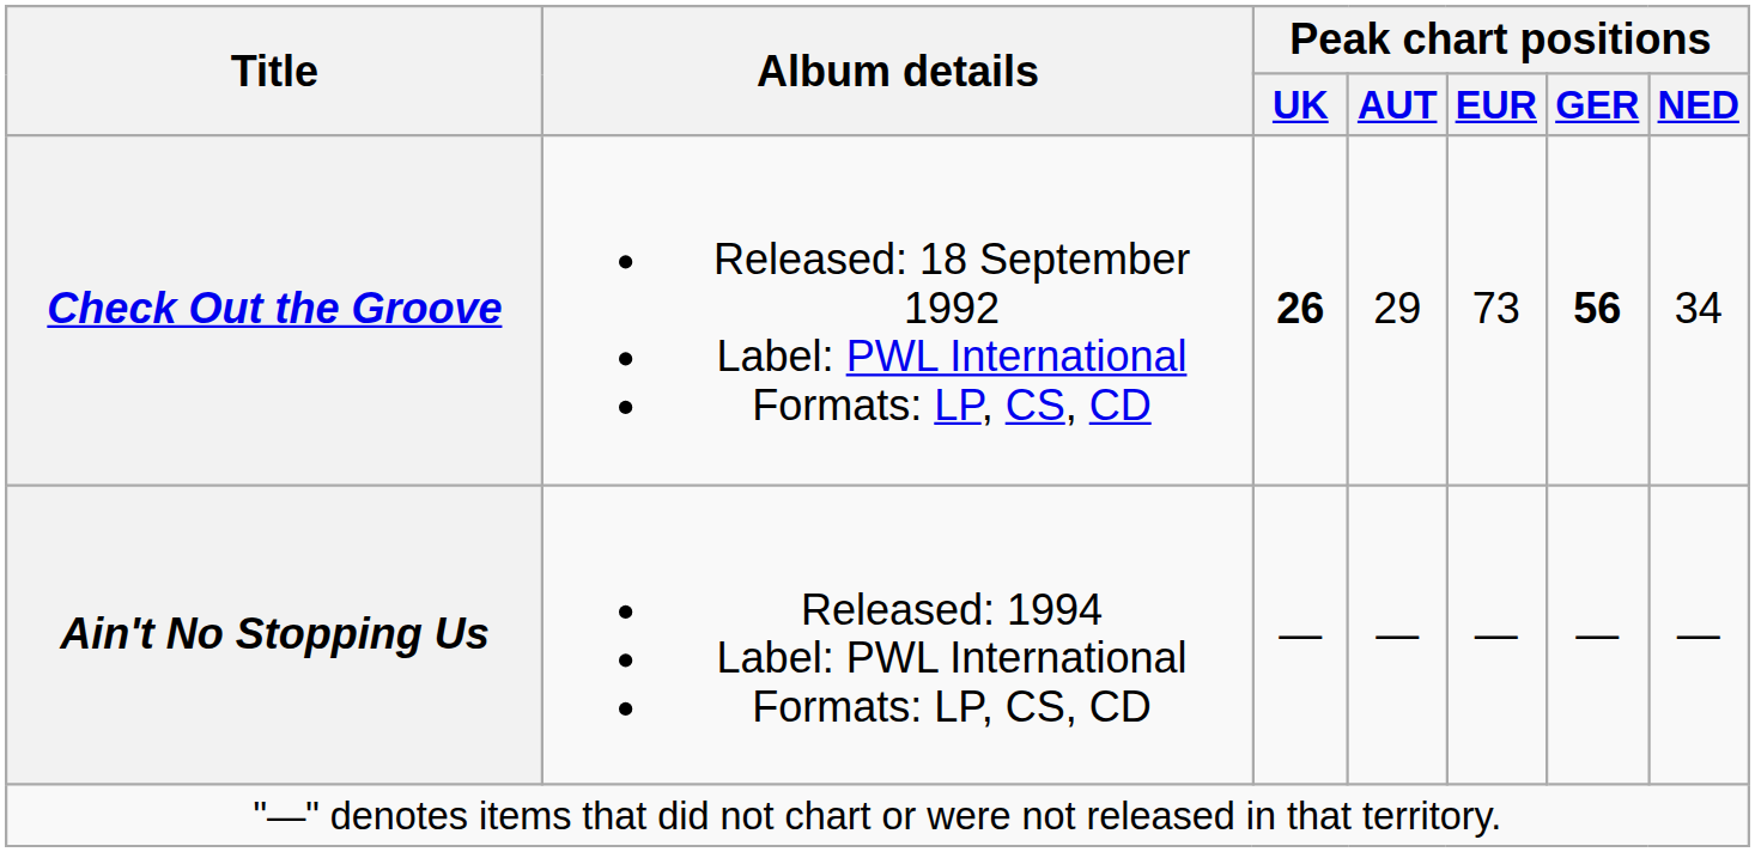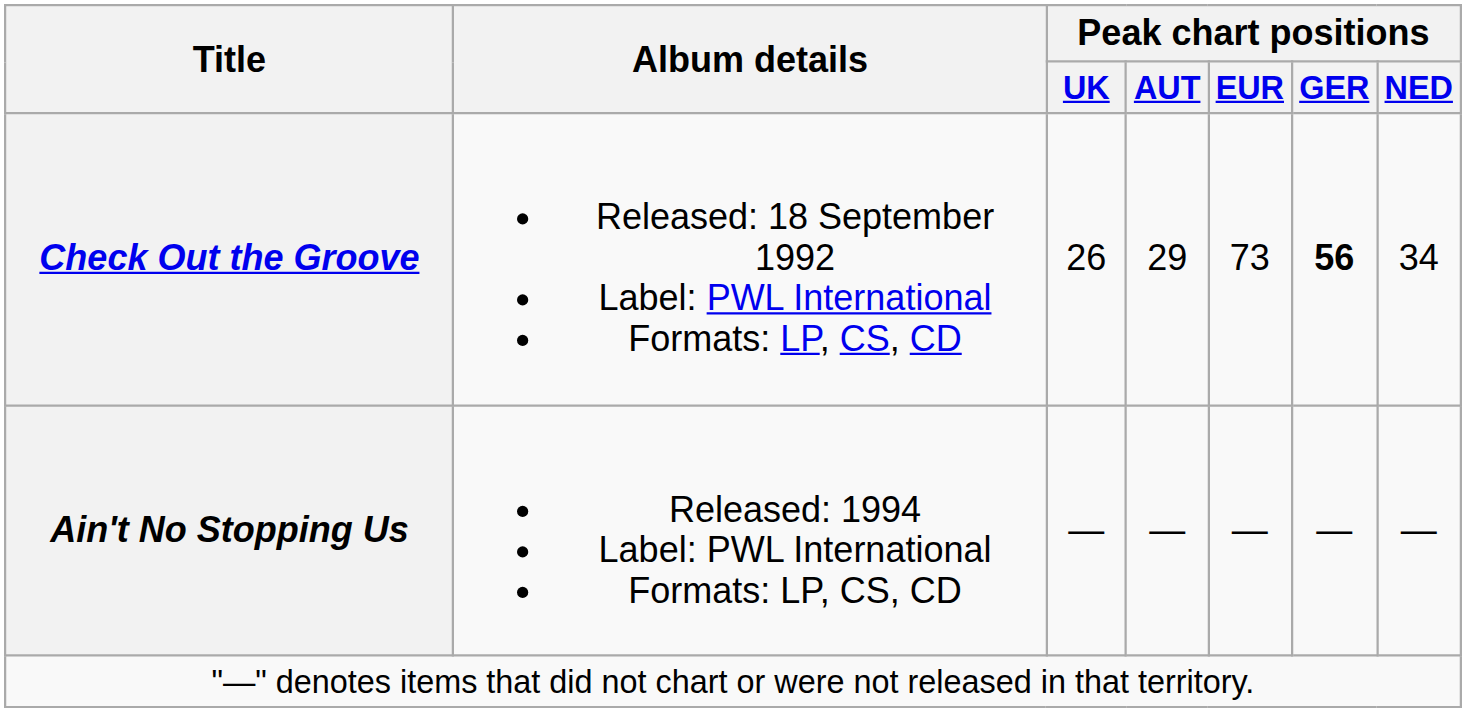 <table class="wikitable plainrowheaders" style="text-align:center;">
 <tr>
 <th scope="col" rowspan="2" style="width:12em;">Title</th>
 <th scope="col" rowspan="2" style="width:16em;">Album details</th>
 <th scope="col" colspan="5">Peak chart positions</th>
 </tr>
 <tr>
 <th style="width:2em;font-size:90%;"><a href='#'>UK</a><br></th>
 <th style="width:2em;font-size:90%;"><a href='#'>AUT</a><br></th>
 <th style="width:2em;font-size:90%;"><a href='#'>EUR</a><br></th>
 <th style="width:2em;font-size:90%;"><a href='#'>GER</a><br></th>
 <th style="width:2em;font-size:90%;"><a href='#'>NED</a><br></th>
 </tr>
 <tr>
 <th scope="row"><em><a href='#'>Check Out the Groove</a></em></th>
 <td><br><ul><li>Released: 18 September 1992</li><li>Label: <a href='#'>PWL International</a></li><li>Formats: <a href='#'>LP</a>, <a href='#'>CS</a>, <a href='#'>CD</a></li></ul></td>
-<td><strong>26</strong></td>
+<td>26</td>
 <td>29</td>
 <td>73</td>
 <td><strong>56</strong></td>
 <td>34</td>
 </tr>
 <tr>
 <th scope="row"><em>Ain't No Stopping Us</em></th>
 <td><br><ul><li>Released: 1994</li><li>Label: PWL International</li><li>Formats: LP, CS, CD</li></ul></td>
 <td>—</td>
 <td>—</td>
 <td>—</td>
 <td>—</td>
 <td>—</td>
 </tr>
 <tr>
 <td align="center" colspan="15" style="font-size:90%">"—" denotes items that did not chart or were not released in that territory.</td>
 </tr>
 </table>
